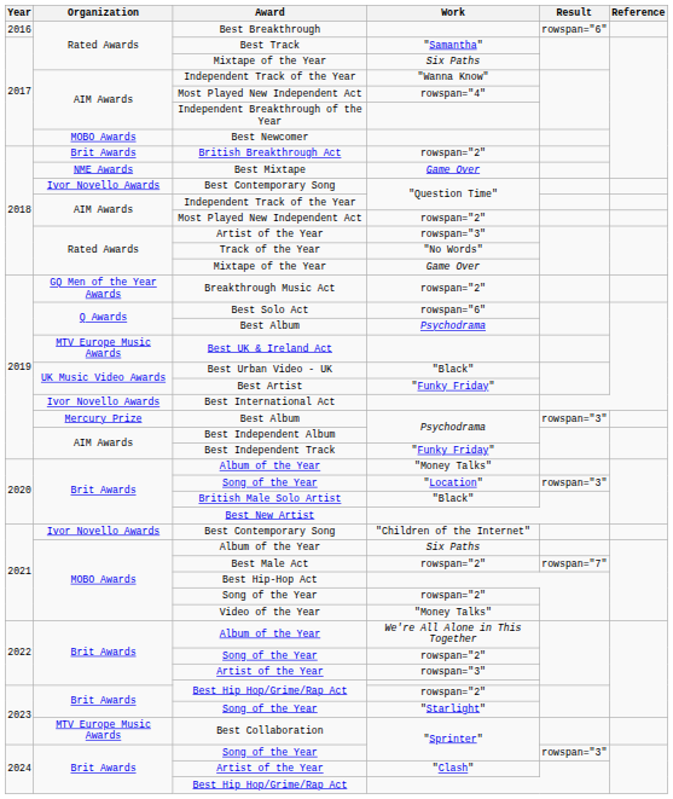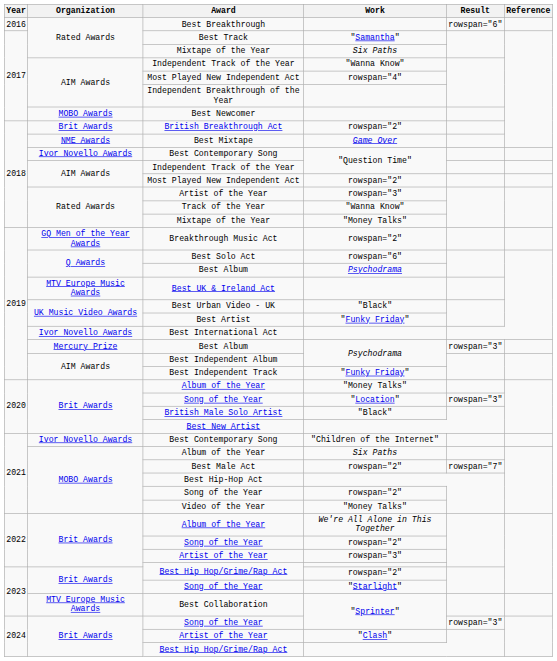 <table class="wikitable plainrowheaders" style="text-align:center;">
 <tr>
 <th>Year</th>
 <th>Organization</th>
 <th>Award</th>
 <th>Work</th>
 <th>Result</th>
 <th>Reference</th>
 </tr>
 <tr>
 <td>2016</td>
 <td rowspan="3">Rated Awards</td>
 <td>Best Breakthrough</td>
 <td></td>
 <td>rowspan="6" </td>
 <td></td>
 </tr>
 <tr>
 <td rowspan="6">2017</td>
 <td>Best Track</td>
 <td>"<a href='#'>Samantha</a>"</td>
 <td rowspan="2"></td>
 </tr>
 <tr>
 <td>Mixtape of the Year</td>
 <td><em>Six Paths</em></td>
 </tr>
 <tr>
 <td rowspan="3">AIM Awards</td>
 <td>Independent Track of the Year</td>
 <td>"Wanna Know"</td>
 <td rowspan="3"></td>
 </tr>
 <tr>
 <td>Most Played New Independent Act</td>
 <td>rowspan="4" </td>
 </tr>
 <tr>
 <td>Independent Breakthrough of the Year</td>
 </tr>
 <tr>
 <td><a href='#'>MOBO Awards</a></td>
 <td>Best Newcomer</td>
 <td></td>
 <td></td>
 </tr>
 <tr>
 <td rowspan="8">2018</td>
 <td><a href='#'>Brit Awards</a></td>
 <td><a href='#'>British Breakthrough Act</a></td>
 <td>rowspan="2" </td>
 <td></td>
 </tr>
 <tr>
 <td><a href='#'>NME Awards</a></td>
 <td>Best Mixtape</td>
 <td><em><a href='#'>Game Over</a></em></td>
 <td></td>
 </tr>
 <tr>
 <td><a href='#'>Ivor Novello Awards</a></td>
 <td>Best Contemporary Song</td>
 <td rowspan="2">"Question Time"</td>
 <td></td>
 <td></td>
 </tr>
 <tr>
 <td rowspan="2">AIM Awards</td>
 <td>Independent Track of the Year</td>
 <td></td>
 <td></td>
 </tr>
 <tr>
 <td>Most Played New Independent Act</td>
 <td>rowspan="2" </td>
 <td></td>
 <td></td>
 </tr>
 <tr>
 <td rowspan="3">Rated Awards</td>
 <td>Artist of the Year</td>
 <td>rowspan="3" </td>
 <td rowspan="3"></td>
 </tr>
 <tr>
 <td>Track of the Year</td>
-<td>"No Words"</td>
+<td>"Wanna Know"</td>
 </tr>
 <tr>
 <td>Mixtape of the Year</td>
-<td><em>Game Over</em></td>
+<td>"Money Talks"</td>
 </tr>
 <tr>
 <td rowspan="10">2019</td>
 <td><a href='#'>GQ Men of the Year Awards</a></td>
 <td>Breakthrough Music Act</td>
 <td>rowspan="2" </td>
 <td></td>
 <td></td>
 </tr>
 <tr>
 <td rowspan="2"><a href='#'>Q Awards</a></td>
 <td>Best Solo Act</td>
 <td>rowspan="6" </td>
 <td rowspan="2"></td>
 </tr>
 <tr>
 <td>Best Album</td>
 <td><em><a href='#'>Psychodrama</a></em></td>
 </tr>
 <tr>
 <td><a href='#'>MTV Europe Music Awards</a></td>
 <td><a href='#'>Best UK & Ireland Act</a></td>
 <td></td>
 <td></td>
 </tr>
 <tr>
 <td rowspan="2"><a href='#'>UK Music Video Awards</a></td>
 <td>Best Urban Video - UK</td>
 <td>"Black"</td>
 <td rowspan="2"></td>
 </tr>
 <tr>
 <td>Best Artist</td>
 <td>"<a href='#'>Funky Friday</a>"</td>
 </tr>
 <tr>
 <td><a href='#'>Ivor Novello Awards</a></td>
 <td>Best International Act</td>
 <td></td>
 </tr>
 <tr>
 <td><a href='#'>Mercury Prize</a></td>
 <td>Best Album</td>
 <td rowspan="2"><em>Psychodrama</em></td>
 <td>rowspan="3" </td>
 <td></td>
 </tr>
 <tr>
 <td rowspan="2">AIM Awards</td>
 <td>Best Independent Album</td>
 <td rowspan="2"></td>
 </tr>
 <tr>
 <td>Best Independent Track</td>
 <td>"<a href='#'>Funky Friday</a>"</td>
 </tr>
 <tr>
 <td rowspan="4">2020</td>
 <td rowspan="4"><a href='#'>Brit Awards</a></td>
 <td><a href='#'>Album of the Year</a></td>
 <td>"Money Talks"</td>
 <td></td>
 <td rowspan="4"></td>
 </tr>
 <tr>
 <td><a href='#'>Song of the Year</a></td>
 <td>"<a href='#'>Location</a>"</td>
 <td>rowspan="3" </td>
 </tr>
 <tr>
 <td><a href='#'>British Male Solo Artist</a></td>
 <td>"Black"</td>
 </tr>
 <tr>
 <td><a href='#'>Best New Artist</a></td>
 </tr>
 <tr>
 <td rowspan="6">2021</td>
 <td><a href='#'>Ivor Novello Awards</a></td>
 <td>Best Contemporary Song</td>
 <td>"Children of the Internet"</td>
 <td></td>
 <td></td>
 </tr>
 <tr>
 <td rowspan="5"><a href='#'>MOBO Awards</a></td>
 <td>Album of the Year</td>
 <td><em>Six Paths</em></td>
 <td></td>
 <td rowspan="5"></td>
 </tr>
 <tr>
 <td>Best Male Act</td>
 <td>rowspan="2" </td>
 <td>rowspan="7" </td>
 </tr>
 <tr>
 <td>Best Hip-Hop Act</td>
 </tr>
 <tr>
 <td>Song of the Year</td>
 <td>rowspan="2" </td>
 </tr>
 <tr>
 <td>Video of the Year</td>
 <td>"Money Talks"</td>
 </tr>
 <tr>
 <td rowspan="4">2022</td>
 <td rowspan="4"><a href='#'>Brit Awards</a></td>
 <td><a href='#'>Album of the Year</a></td>
 <td><em>We're All Alone in This Together</em></td>
 <td rowspan="4"></td>
 </tr>
 <tr>
 <td><a href='#'>Song of the Year</a></td>
 <td>rowspan="2" </td>
 </tr>
 <tr>
 <td><a href='#'>Artist of the Year</a></td>
 <td>rowspan="3" </td>
 </tr>
 <tr>
 <td rowspan=2><a href='#'>Best Hip Hop/Grime/Rap Act</a></td>
 <td></td>
 </tr>
 <tr>
 <td rowspan="3">2023</td>
 <td rowspan=2><a href='#'>Brit Awards</a></td>
 <td>rowspan="2" </td>
 <td rowspan=2></td>
 </tr>
 <tr>
 <td><a href='#'>Song of the Year</a></td>
 <td>"<a href='#'>Starlight</a>"</td>
 </tr>
 <tr>
 <td><a href='#'>MTV Europe Music Awards</a></td>
 <td>Best Collaboration</td>
 <td rowspan="2">"<a href='#'>Sprinter</a>" </td>
 <td></td>
 <td></td>
 </tr>
 <tr>
 <td rowspan="3">2024</td>
 <td rowspan="3"><a href='#'>Brit Awards</a></td>
 <td><a href='#'>Song of the Year</a></td>
 <td>rowspan="3" </td>
 <td rowspan="3"></td>
 </tr>
 <tr>
 <td><a href='#'>Artist of the Year</a></td>
 <td>"<a href='#'>Clash</a>"</td>
 </tr>
 <tr>
 <td rowspan=2><a href='#'>Best Hip Hop/Grime/Rap Act</a></td>
 </tr>
 </table>
